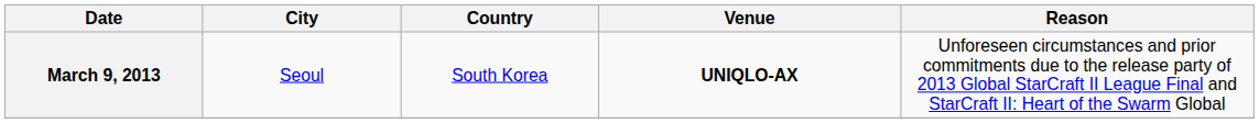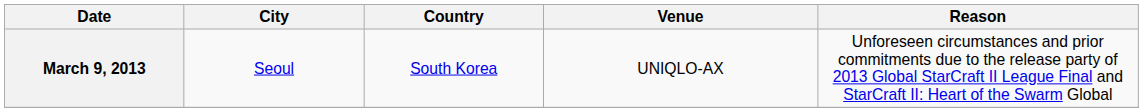 <table class="wikitable plainrowheaders" style="text-align:center;">
 <tr>
 <th scope="col" style="width:11em;">Date</th>
 <th scope="col" style="width:11em;">City</th>
 <th scope="col" style="width:11em;">Country</th>
 <th scope="col" style="width:17em;">Venue</th>
 <th scope="col" style="width:20em;">Reason</th>
 </tr>
 <tr>
 <th scope="row" style="text-align:center;">March 9, 2013</th>
 <td><a href='#'>Seoul</a></td>
 <td><a href='#'>South Korea</a></td>
-<td><strong>UNIQLO-AX</strong></td>
+<td>UNIQLO-AX</td>
 <td>Unforeseen circumstances and prior commitments due to the release party of <a href='#'>2013 Global StarCraft II League Final</a> and <a href='#'>StarCraft II: Heart of the Swarm</a> Global</td>
 </tr>
 <tr>
 </tr>
 </table>
